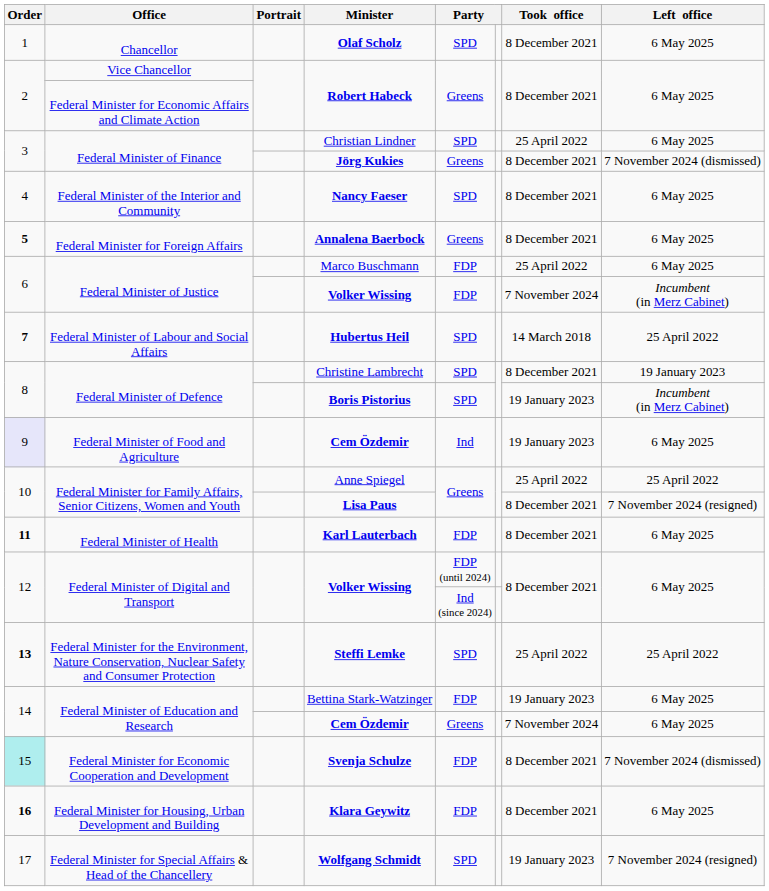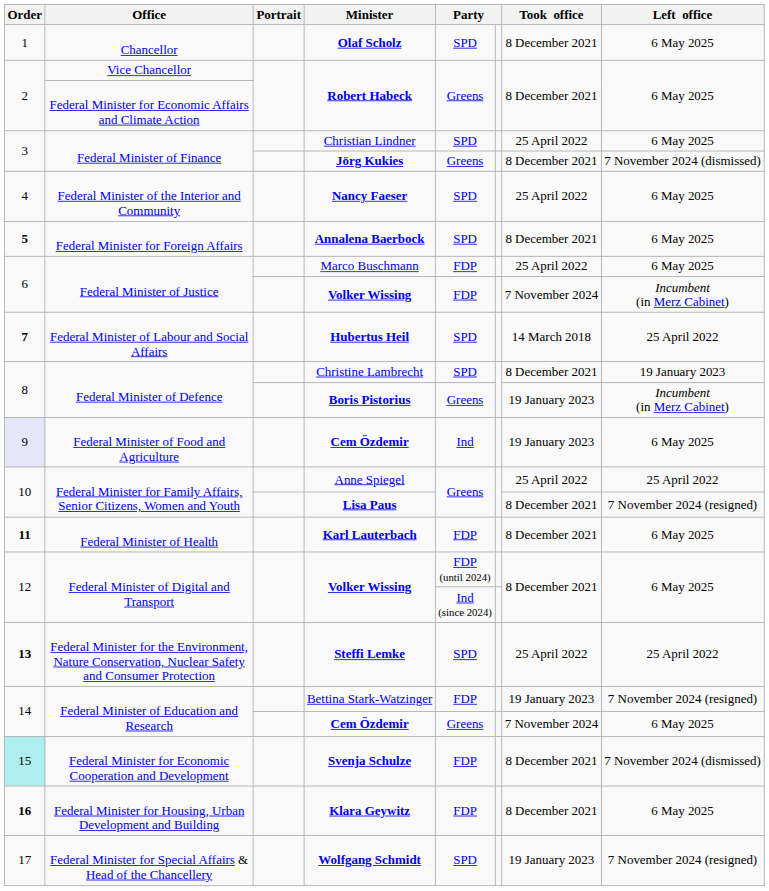 <table class="sortable wikitable" style="text-align:center">
 <tr align=center>
 <th scope=col width=40 data-sort-type="numeric">Order</th>
 <th scope=col width=250>Office</th>
 <th scope=col class="unsortable">Portrait</th>
 <th scope=col>Minister</th>
 <th colspan="2" scope="col">Party</th>
 <th scope=col class="unsortable">Took office</th>
 <th scope=col class="unsortable">Left office</th>
 </tr>
 <tr>
 <td>1</td>
 <td><br><a href='#'>Chancellor</a></td>
 <td></td>
 <td data-sort-value="Scholz"><strong><a href='#'>Olaf Scholz</a></strong></td>
 <td><a href='#'>SPD</a></td>
 <td style="width:1px; background-color: "></td>
 <td>8 December 2021</td>
 <td>6 May 2025</td>
 </tr>
 <tr>
 <td rowspan=2>2</td>
 <td><a href='#'>Vice Chancellor</a></td>
 <td rowspan=2></td>
 <td rowspan=2 data-sort-value="Habeck"><strong><a href='#'>Robert Habeck</a></strong></td>
 <td rowspan=2><a href='#'>Greens</a></td>
 <td rowspan=2 style="width:1px; background-color: "></td>
 <td rowspan=2>8 December 2021</td>
 <td rowspan=2>6 May 2025</td>
 </tr>
 <tr>
 <td><br><a href='#'>Federal Minister for Economic Affairs and Climate Action</a></td>
 </tr>
 <tr>
 <td rowspan=2>3</td>
 <td rowspan=2><br><a href='#'>Federal Minister of Finance</a></td>
 <td></td>
 <td data-sort-value="Lindner"><a href='#'>Christian Lindner</a></td>
 <td><a href='#'>SPD</a></td>
 <td style="width:1px; background-color: "></td>
 <td>25 April 2022</td>
 <td>6 May 2025</td>
 </tr>
 <tr>
 <td></td>
 <td data-sort-value="Kukies"><strong><a href='#'>Jörg Kukies</a></strong></td>
 <td><a href='#'>Greens</a></td>
 <td style="width:1px; background-color: "></td>
 <td>8 December 2021</td>
 <td>7 November 2024 (dismissed)</td>
 </tr>
 <tr>
 <td>4</td>
 <td><br><a href='#'>Federal Minister of the Interior and Community</a></td>
 <td></td>
 <td><strong><a href='#'>Nancy Faeser</a></strong></td>
 <td><a href='#'>SPD</a></td>
 <td style="width:1px; background-color: "></td>
-<td>8 December 2021</td>
+<td>25 April 2022</td>
 <td>6 May 2025</td>
 </tr>
 <tr>
 <td><strong>5</strong></td>
 <td><br><a href='#'>Federal Minister for Foreign Affairs</a></td>
 <td></td>
 <td data-sort-value="Baerbock"><strong><a href='#'>Annalena Baerbock</a></strong></td>
-<td><a href='#'>Greens</a></td>
+<td><a href='#'>SPD</a></td>
 <td style="width:1px; background-color: "></td>
 <td>8 December 2021</td>
 <td>6 May 2025</td>
 </tr>
 <tr>
 <td rowspan=2>6</td>
 <td rowspan=2><br><a href='#'>Federal Minister of Justice</a></td>
 <td></td>
 <td><a href='#'>Marco Buschmann</a></td>
 <td><a href='#'>FDP</a></td>
 <td style="width:1px; background-color: "></td>
 <td>25 April 2022</td>
 <td>6 May 2025</td>
 </tr>
 <tr>
 <td></td>
 <td><strong><a href='#'>Volker Wissing</a></strong></td>
 <td><a href='#'>FDP</a></td>
 <td style="width:1px; background-color: "></td>
 <td>7 November 2024</td>
 <td><em>Incumbent</em><br>(in <a href='#'>Merz Cabinet</a>)<em></em></td>
 </tr>
 <tr>
 <td><strong>7</strong></td>
 <td><br><a href='#'>Federal Minister of Labour and Social Affairs</a></td>
 <td></td>
 <td><strong><a href='#'>Hubertus Heil</a></strong></td>
 <td><a href='#'>SPD</a></td>
 <td style="width:1px; background-color: "></td>
 <td>14 March 2018</td>
 <td>25 April 2022</td>
 </tr>
 <tr>
 <td rowspan=2>8</td>
 <td rowspan=2><br><a href='#'>Federal Minister of Defence</a></td>
 <td></td>
 <td><a href='#'>Christine Lambrecht</a></td>
 <td><a href='#'>SPD</a></td>
 <td rowspan=2 style="width:1px; background-color: "></td>
 <td>8 December 2021</td>
 <td>19 January 2023</td>
 </tr>
 <tr>
 <td></td>
 <td><strong><a href='#'>Boris Pistorius</a></strong></td>
-<td><a href='#'>SPD</a></td>
+<td><a href='#'>Greens</a></td>
 <td>19 January 2023</td>
 <td><em>Incumbent</em><br>(in <a href='#'>Merz Cabinet</a>)<em></em></td>
 </tr>
 <tr>
 <td style="background: lavender;">9</td>
 <td><br><a href='#'>Federal Minister of Food and Agriculture</a></td>
 <td></td>
 <td data-sort-value="Özdemir"><strong><a href='#'>Cem Özdemir</a></strong></td>
 <td><a href='#'>Ind</a></td>
 <td style="width:1px; background-color: "></td>
 <td>19 January 2023</td>
 <td>6 May 2025</td>
 </tr>
 <tr>
 <td rowspan=2>10</td>
 <td rowspan= 2><br><a href='#'>Federal Minister for Family Affairs, Senior Citizens, Women and Youth</a></td>
 <td></td>
 <td data-sort-value="Spiegel"><a href='#'>Anne Spiegel</a></td>
 <td rowspan=2><a href='#'>Greens</a></td>
 <td rowspan=2 style="width:1px; background-color: "></td>
 <td>25 April 2022</td>
 <td>25 April 2022</td>
 </tr>
 <tr>
 <td></td>
 <td><strong><a href='#'>Lisa Paus</a></strong></td>
 <td>8 December 2021</td>
 <td>7 November 2024 (resigned)</td>
 </tr>
 <tr>
 <td><strong>11</strong></td>
 <td><br><a href='#'>Federal Minister of Health</a></td>
 <td></td>
 <td><strong><a href='#'>Karl Lauterbach</a></strong></td>
 <td><a href='#'>FDP</a></td>
 <td style="width:1px; background-color: "></td>
 <td>8 December 2021</td>
 <td>6 May 2025</td>
 </tr>
 <tr>
 <td rowspan="2">12</td>
 <td rowspan="2"><br><a href='#'>Federal Minister of Digital and Transport</a></td>
 <td rowspan="2"></td>
 <td rowspan="2"><strong><a href='#'>Volker Wissing</a></strong></td>
 <td><a href='#'>FDP</a><br><small>(until 2024)</small></td>
 <td style="width:1px; background-color: "></td>
 <td rowspan="2">8 December 2021</td>
 <td rowspan="2">6 May 2025</td>
 </tr>
 <tr>
 <td><a href='#'>Ind</a><br><small>(since 2024)</small></td>
 <td style="width:1px; background-color: "></td>
 </tr>
 <tr>
 <td><strong>13</strong></td>
 <td><br><a href='#'>Federal Minister for the Environment, Nature Conservation, Nuclear Safety and Consumer Protection</a></td>
 <td></td>
 <td data-sort-value="Lemke"><strong><a href='#'>Steffi Lemke</a></strong></td>
 <td><a href='#'>SPD</a></td>
 <td style="width:1px; background-color: "></td>
 <td>25 April 2022</td>
 <td>25 April 2022</td>
 </tr>
 <tr>
 <td rowspan="2">14</td>
 <td rowspan="2"><br><a href='#'>Federal Minister of Education and Research</a></td>
 <td></td>
 <td data-sort-value="Stark-Watzinger"><a href='#'>Bettina Stark-Watzinger</a></td>
 <td><a href='#'>FDP</a></td>
 <td style="width:1px; background-color: "></td>
 <td>19 January 2023</td>
-<td>6 May 2025</td>
+<td>7 November 2024 (resigned)</td>
 </tr>
 <tr>
 <td></td>
 <td data-sort-value="Özdemir"><strong><a href='#'>Cem Özdemir</a></strong></td>
 <td><a href='#'>Greens</a></td>
 <td style="width:1px; background-color: "></td>
 <td>7 November 2024</td>
 <td>6 May 2025</td>
 </tr>
 <tr>
 <td style="background: paleturquoise;">15</td>
 <td><br><a href='#'>Federal Minister for Economic Cooperation and Development</a></td>
 <td></td>
 <td><strong><a href='#'>Svenja Schulze</a></strong></td>
 <td><a href='#'>FDP</a></td>
 <td style="width:1px; background-color: "></td>
 <td>8 December 2021</td>
 <td>7 November 2024 (dismissed)</td>
 </tr>
 <tr>
 <td><strong>16</strong></td>
 <td><br><a href='#'>Federal Minister for Housing, Urban Development and Building</a></td>
 <td></td>
 <td><strong><a href='#'>Klara Geywitz</a></strong></td>
 <td><a href='#'>FDP</a></td>
 <td style="width:1px; background-color: "></td>
 <td>8 December 2021</td>
 <td>6 May 2025</td>
 </tr>
 <tr>
 <td>17</td>
 <td><br><a href='#'>Federal Minister for Special Affairs</a> &<br><a href='#'>Head of the Chancellery</a></td>
 <td></td>
 <td><strong><a href='#'>Wolfgang Schmidt</a></strong></td>
 <td><a href='#'>SPD</a></td>
 <td style="width:1px; background-color: "></td>
 <td>19 January 2023</td>
 <td>7 November 2024 (resigned)</td>
 </tr>
 </table>
